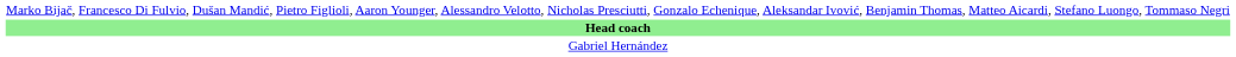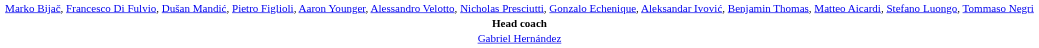 <table style="text-align: center; margin-top: 2em; margin-left: auto; margin-right: auto">
 <tr>
 <td><a href='#'>Marko Bijač</a>, <a href='#'>Francesco Di Fulvio</a>, <a href='#'>Dušan Mandić</a>, <a href='#'>Pietro Figlioli</a>, <a href='#'>Aaron Younger</a>, <a href='#'>Alessandro Velotto</a>, <a href='#'>Nicholas Presciutti</a>, <a href='#'>Gonzalo Echenique</a>, <a href='#'>Aleksandar Ivović</a>, <a href='#'>Benjamin Thomas</a>, <a href='#'>Matteo Aicardi</a>, <a href='#'>Stefano Luongo</a>, <a href='#'>Tommaso Negri</a></td>
 </tr>
 <tr>
-<td style="background: lightgreen;"><strong>Head coach</strong></td>
+<td><strong>Head coach</strong></td>
 </tr>
 <tr>
 <td><a href='#'>Gabriel Hernández</a></td>
 </tr>
 </table>
